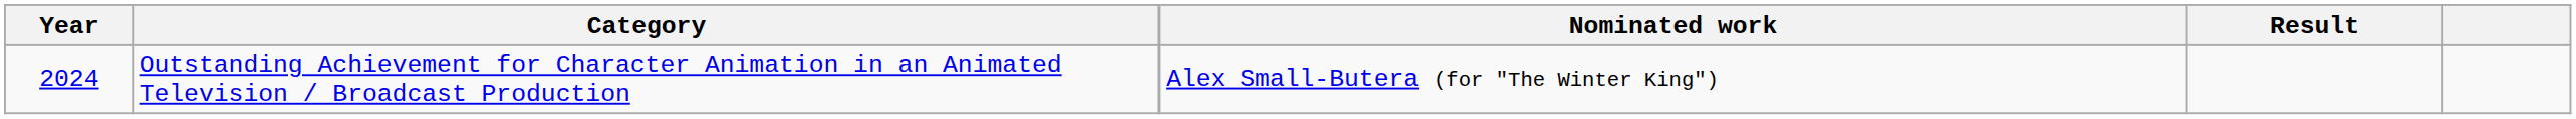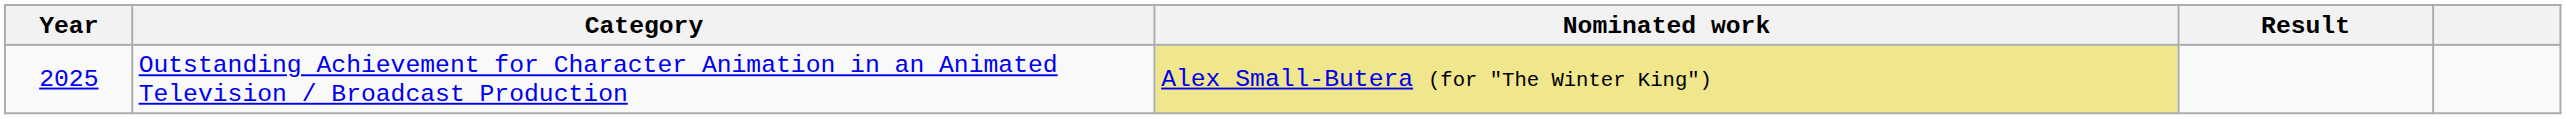 <table class="wikitable" style="width:85%;">
 <tr>
 <th width=5%>Year</th>
 <th style="width:40%;">Category</th>
 <th style="width:40%;">Nominated work</th>
 <th style="width:10%;">Result</th>
 <th width=5%></th>
 </tr>
 <tr>
-<td style="text-align:center;"><a href='#'>2024</a></td>
+<td style="text-align:center;"><a href='#'>2025</a></td>
 <td><a href='#'>Outstanding Achievement for Character Animation in an Animated Television / Broadcast Production</a></td>
-<td><a href='#'>Alex Small-Butera</a> <small>(for "The Winter King")</small></td>
+<td style="background: khaki;"><a href='#'>Alex Small-Butera</a> <small>(for "The Winter King")</small></td>
 <td></td>
 <td></td>
 </tr>
 </table>
